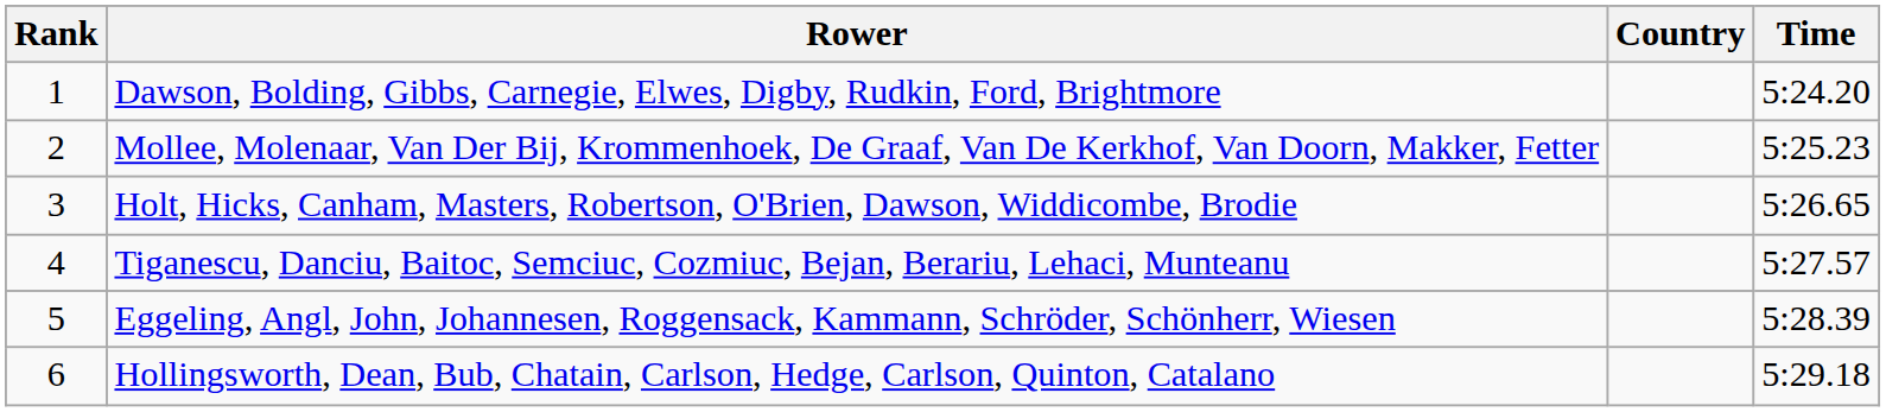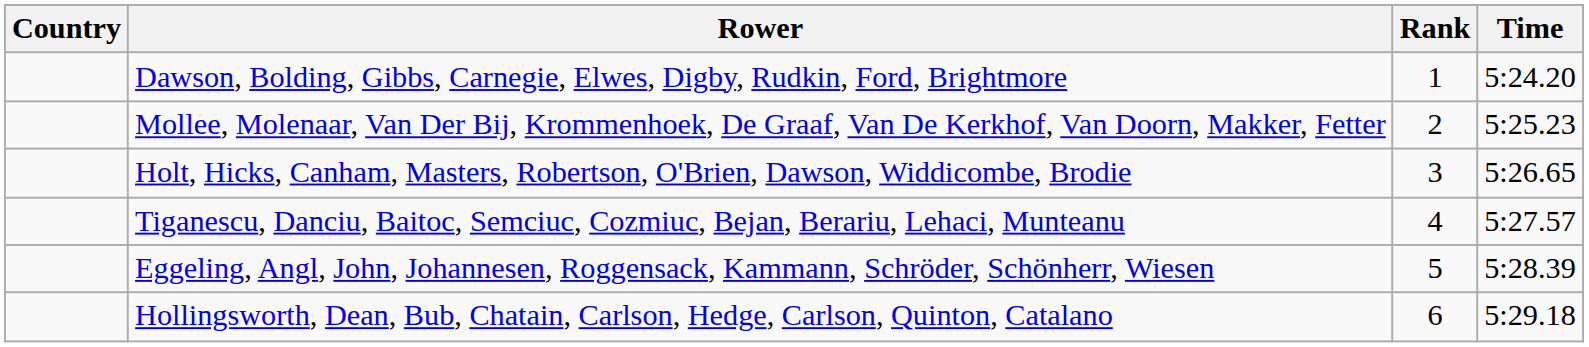 <table class="wikitable" style="text-align:center">
 <tr>
+<th>Country</th>
+<th>Rower</th>
 <th>Rank</th>
-<th>Rower</th>
-<th>Country</th>
 <th>Time</th>
 </tr>
 <tr>
+<td align="left"></td>
+<td align="left"><a href='#'>Dawson</a>, <a href='#'>Bolding</a>, <a href='#'>Gibbs</a>, <a href='#'>Carnegie</a>, <a href='#'>Elwes</a>, <a href='#'>Digby</a>, <a href='#'>Rudkin</a>, <a href='#'>Ford</a>, <a href='#'>Brightmore</a></td>
 <td>1</td>
-<td align="left"><a href='#'>Dawson</a>, <a href='#'>Bolding</a>, <a href='#'>Gibbs</a>, <a href='#'>Carnegie</a>, <a href='#'>Elwes</a>, <a href='#'>Digby</a>, <a href='#'>Rudkin</a>, <a href='#'>Ford</a>, <a href='#'>Brightmore</a></td>
-<td align="left"></td>
 <td>5:24.20</td>
 </tr>
 <tr>
+<td align="left"></td>
+<td align="left"><a href='#'>Mollee</a>, <a href='#'>Molenaar</a>, <a href='#'>Van Der Bij</a>, <a href='#'>Krommenhoek</a>, <a href='#'>De Graaf</a>, <a href='#'>Van De Kerkhof</a>, <a href='#'>Van Doorn</a>, <a href='#'>Makker</a>, <a href='#'>Fetter</a></td>
 <td>2</td>
-<td align="left"><a href='#'>Mollee</a>, <a href='#'>Molenaar</a>, <a href='#'>Van Der Bij</a>, <a href='#'>Krommenhoek</a>, <a href='#'>De Graaf</a>, <a href='#'>Van De Kerkhof</a>, <a href='#'>Van Doorn</a>, <a href='#'>Makker</a>, <a href='#'>Fetter</a></td>
-<td align="left"></td>
 <td>5:25.23</td>
 </tr>
 <tr>
+<td align="left"></td>
+<td align="left"><a href='#'>Holt</a>, <a href='#'>Hicks</a>, <a href='#'>Canham</a>, <a href='#'>Masters</a>, <a href='#'>Robertson</a>, <a href='#'>O'Brien</a>, <a href='#'>Dawson</a>, <a href='#'>Widdicombe</a>, <a href='#'>Brodie</a></td>
 <td>3</td>
-<td align="left"><a href='#'>Holt</a>, <a href='#'>Hicks</a>, <a href='#'>Canham</a>, <a href='#'>Masters</a>, <a href='#'>Robertson</a>, <a href='#'>O'Brien</a>, <a href='#'>Dawson</a>, <a href='#'>Widdicombe</a>, <a href='#'>Brodie</a></td>
-<td align="left"></td>
 <td>5:26.65</td>
 </tr>
 <tr>
+<td align="left"></td>
+<td align="left"><a href='#'>Tiganescu</a>, <a href='#'>Danciu</a>, <a href='#'>Baitoc</a>, <a href='#'>Semciuc</a>, <a href='#'>Cozmiuc</a>, <a href='#'>Bejan</a>, <a href='#'>Berariu</a>, <a href='#'>Lehaci</a>, <a href='#'>Munteanu</a></td>
 <td>4</td>
-<td align="left"><a href='#'>Tiganescu</a>, <a href='#'>Danciu</a>, <a href='#'>Baitoc</a>, <a href='#'>Semciuc</a>, <a href='#'>Cozmiuc</a>, <a href='#'>Bejan</a>, <a href='#'>Berariu</a>, <a href='#'>Lehaci</a>, <a href='#'>Munteanu</a></td>
-<td align="left"></td>
 <td>5:27.57</td>
 </tr>
 <tr>
+<td align="left"></td>
+<td align="left"><a href='#'>Eggeling</a>, <a href='#'>Angl</a>, <a href='#'>John</a>, <a href='#'>Johannesen</a>, <a href='#'>Roggensack</a>, <a href='#'>Kammann</a>, <a href='#'>Schröder</a>, <a href='#'>Schönherr</a>, <a href='#'>Wiesen</a></td>
 <td>5</td>
-<td align="left"><a href='#'>Eggeling</a>, <a href='#'>Angl</a>, <a href='#'>John</a>, <a href='#'>Johannesen</a>, <a href='#'>Roggensack</a>, <a href='#'>Kammann</a>, <a href='#'>Schröder</a>, <a href='#'>Schönherr</a>, <a href='#'>Wiesen</a></td>
-<td align="left"></td>
 <td>5:28.39</td>
 </tr>
 <tr>
+<td align="left"></td>
+<td align="left"><a href='#'>Hollingsworth</a>, <a href='#'>Dean</a>, <a href='#'>Bub</a>, <a href='#'>Chatain</a>, <a href='#'>Carlson</a>, <a href='#'>Hedge</a>, <a href='#'>Carlson</a>, <a href='#'>Quinton</a>, <a href='#'>Catalano</a></td>
 <td>6</td>
-<td align="left"><a href='#'>Hollingsworth</a>, <a href='#'>Dean</a>, <a href='#'>Bub</a>, <a href='#'>Chatain</a>, <a href='#'>Carlson</a>, <a href='#'>Hedge</a>, <a href='#'>Carlson</a>, <a href='#'>Quinton</a>, <a href='#'>Catalano</a></td>
-<td align="left"></td>
 <td>5:29.18</td>
 </tr>
 </table>
